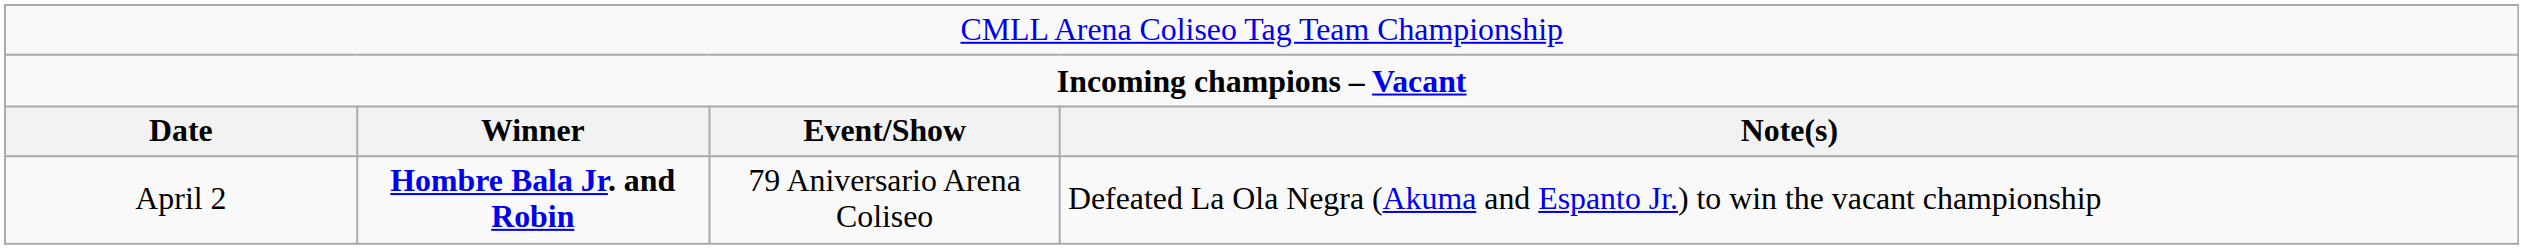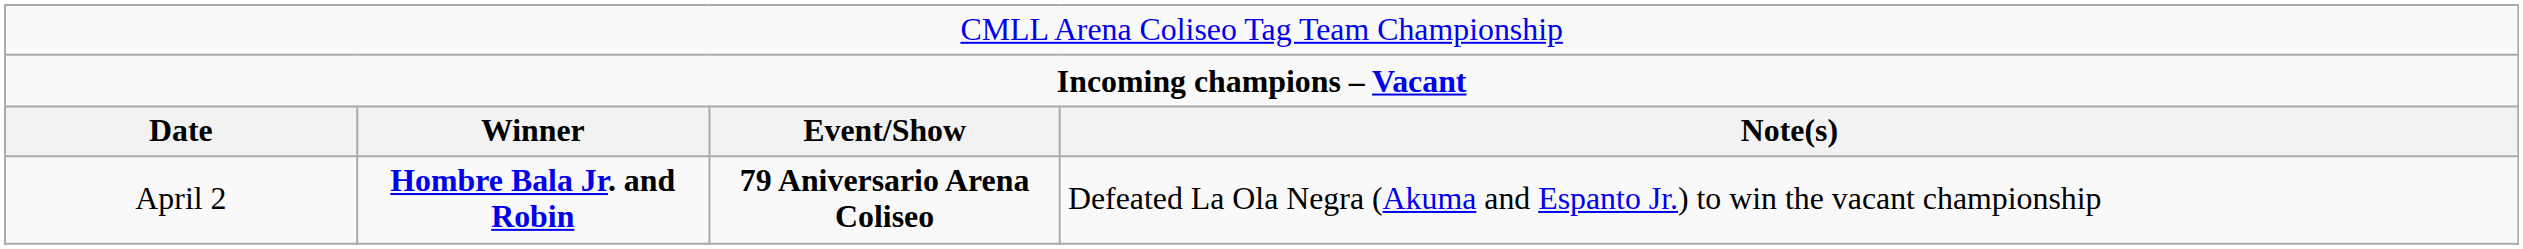 <table class="wikitable" style="text-align:center; width:100%;">
 <tr>
 <td colspan="4" style="text-align: center;"><a href='#'>CMLL Arena Coliseo Tag Team Championship</a></td>
 </tr>
 <tr>
 <td colspan="4" style="text-align: center;"><strong>Incoming champions – <a href='#'>Vacant</a></strong></td>
 </tr>
 <tr>
 <th width=14%>Date</th>
 <th width=14%>Winner</th>
 <th width=14%>Event/Show</th>
 <th width=58%>Note(s)</th>
 </tr>
 <tr>
 <td>April 2</td>
 <td><strong><a href='#'>Hombre Bala Jr</a>. and <a href='#'>Robin</a></strong></td>
-<td>79 Aniversario Arena Coliseo</td>
+<td><strong>79 Aniversario Arena Coliseo</strong></td>
 <td align=left>Defeated La Ola Negra (<a href='#'>Akuma</a> and <a href='#'>Espanto Jr.</a>) to win the vacant championship</td>
 </tr>
 </table>
